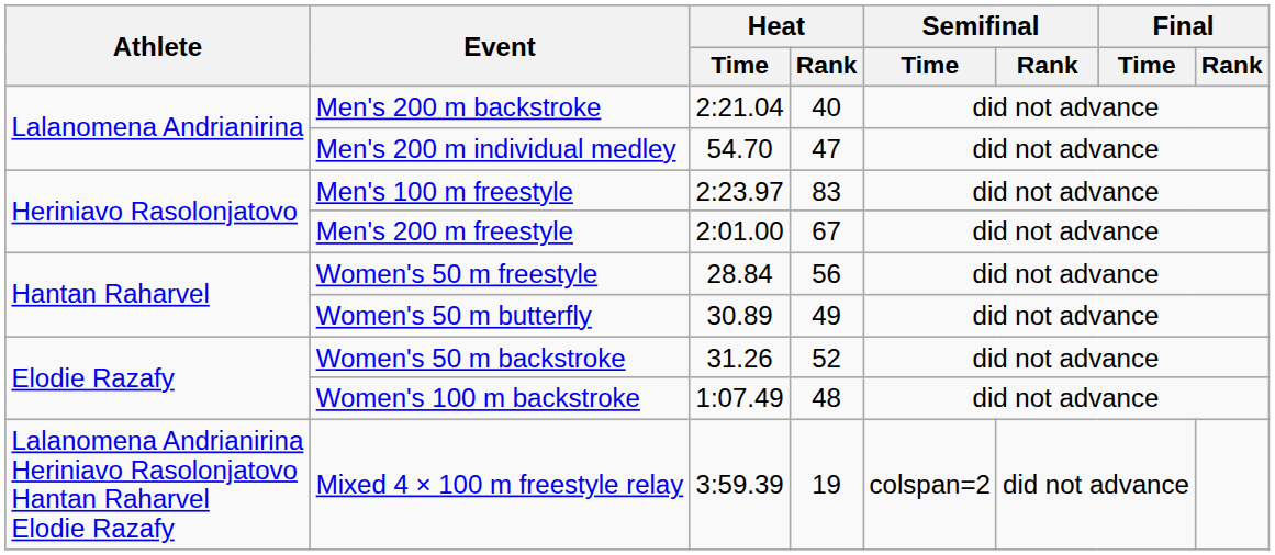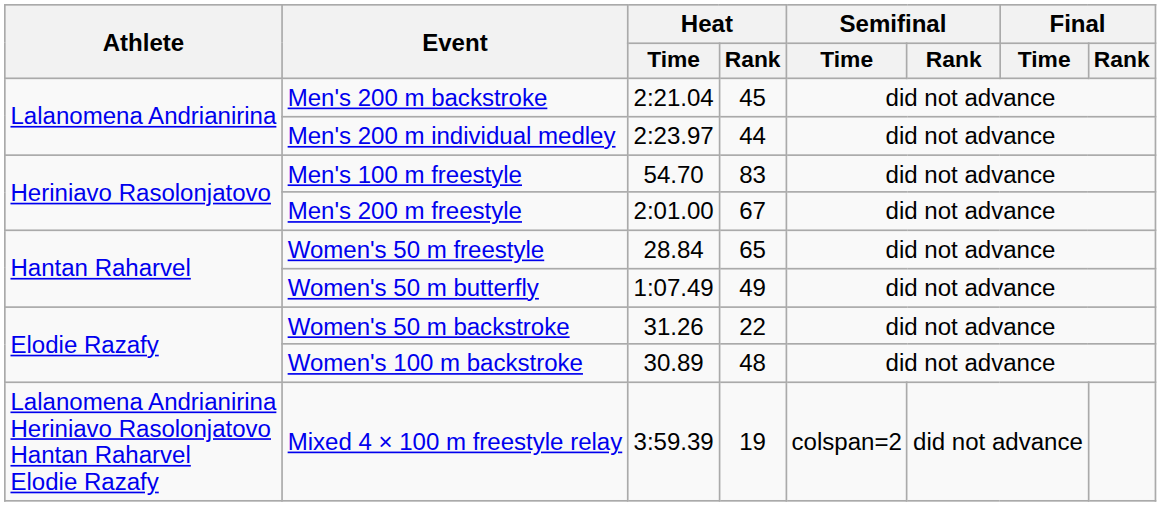 <table class=wikitable style="font-size:90%">
 <tr>
 <th rowspan="2">Athlete</th>
 <th rowspan="2">Event</th>
 <th colspan="2">Heat</th>
 <th colspan="2">Semifinal</th>
 <th colspan="2">Final</th>
 </tr>
 <tr style="font-size:95%">
 <th>Time</th>
 <th>Rank</th>
 <th>Time</th>
 <th>Rank</th>
 <th>Time</th>
 <th>Rank</th>
 </tr>
 <tr align=center>
 <td align=left rowspan=2><a href='#'>Lalanomena Andrianirina</a></td>
 <td align=left><a href='#'>Men's 200 m backstroke</a></td>
 <td>2:21.04</td>
-<td>40</td>
+<td>45</td>
 <td colspan=4>did not advance</td>
 </tr>
 <tr align=center>
 <td align=left><a href='#'>Men's 200 m individual medley</a></td>
-<td>54.70</td>
-<td>47</td>
+<td>2:23.97</td>
+<td>44</td>
 <td colspan=4>did not advance</td>
 </tr>
 <tr align=center>
 <td align=left rowspan=2><a href='#'>Heriniavo Rasolonjatovo</a></td>
 <td align=left><a href='#'>Men's 100 m freestyle</a></td>
-<td>2:23.97</td>
+<td>54.70</td>
 <td>83</td>
 <td colspan=4>did not advance</td>
 </tr>
 <tr align=center>
 <td align=left><a href='#'>Men's 200 m freestyle</a></td>
 <td>2:01.00</td>
 <td>67</td>
 <td colspan=4>did not advance</td>
 </tr>
 <tr align=center>
 <td align=left rowspan=2><a href='#'>Hantan Raharvel</a></td>
 <td align=left><a href='#'>Women's 50 m freestyle</a></td>
 <td>28.84</td>
-<td>56</td>
+<td>65</td>
 <td colspan=4>did not advance</td>
 </tr>
 <tr align=center>
 <td align=left><a href='#'>Women's 50 m butterfly</a></td>
-<td>30.89</td>
+<td>1:07.49</td>
 <td>49</td>
 <td colspan=4>did not advance</td>
 </tr>
 <tr align=center>
 <td align=left rowspan=2><a href='#'>Elodie Razafy</a></td>
 <td align=left><a href='#'>Women's 50 m backstroke</a></td>
 <td>31.26</td>
-<td>52</td>
+<td>22</td>
 <td colspan=4>did not advance</td>
 </tr>
 <tr align=center>
 <td align=left><a href='#'>Women's 100 m backstroke</a></td>
-<td>1:07.49</td>
+<td>30.89</td>
 <td>48</td>
 <td colspan=4>did not advance</td>
 </tr>
 <tr align=center>
 <td align=left><a href='#'>Lalanomena Andrianirina</a><br><a href='#'>Heriniavo Rasolonjatovo</a><br><a href='#'>Hantan Raharvel</a><br><a href='#'>Elodie Razafy</a></td>
 <td align=left><a href='#'>Mixed 4 × 100 m freestyle relay</a></td>
 <td>3:59.39</td>
 <td>19</td>
 <td>colspan=2 </td>
 <td colspan=2>did not advance</td>
 </tr>
 </table>
